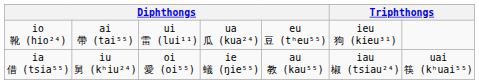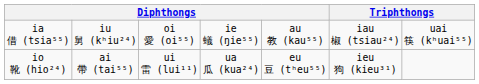 <table class="wikitable">
 <tr>
 <th colspan="5"><a href='#'>Diphthongs</a></th>
 <th colspan="2"><a href='#'>Triphthongs</a></th>
+</tr>
+<tr align="center">
+<td>ia<br>借 (tsia⁵⁵)</td>
+<td>iu<br>舅 (kʰiu²⁴)</td>
+<td>oi<br>愛 (oi⁵⁵)</td>
+<td>ie<br>蟻 (ŋie⁵⁵)</td>
+<td>au<br>教 (kau⁵⁵)</td>
+<td>iau<br>椒 (tsiau²⁴)</td>
+<td>uai<br>筷 (kʰuai⁵⁵)</td>
 </tr>
 <tr align="center">
 <td>io<br>靴 (hio²⁴)</td>
 <td>ai<br>帶 (tai⁵⁵)</td>
 <td>ui<br>雷 (lui¹¹)</td>
 <td>ua<br>瓜 (kua²⁴)</td>
 <td>eu<br>豆 (tʰeu⁵⁵)</td>
 <td>ieu<br>狗 (kieu³¹)</td>
 <td></td>
 </tr>
-<tr align="center">
-<td>ia<br>借 (tsia⁵⁵)</td>
-<td>iu<br>舅 (kʰiu²⁴)</td>
-<td>oi<br>愛 (oi⁵⁵)</td>
-<td>ie<br>蟻 (ŋie⁵⁵)</td>
-<td>au<br>教 (kau⁵⁵)</td>
-<td>iau<br>椒 (tsiau²⁴)</td>
-<td>uai<br>筷 (kʰuai⁵⁵)</td>
-</tr>
 </table>
